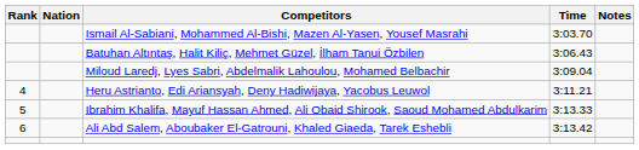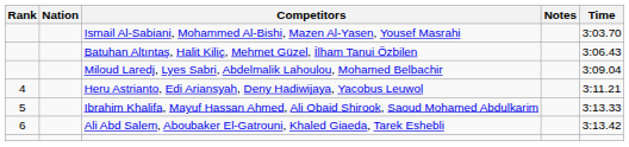 <table class="wikitable sortable" style="text-align:center; font-size:95%">
 <tr>
 <th>Rank</th>
 <th>Nation</th>
 <th>Competitors</th>
+<th>Notes</th>
 <th>Time</th>
-<th>Notes</th>
 </tr>
 <tr>
 <td></td>
 <td align=left></td>
 <td align=left><a href='#'>Ismail Al-Sabiani</a>, <a href='#'>Mohammed Al-Bishi</a>, <a href='#'>Mazen Al-Yasen</a>, <a href='#'>Yousef Masrahi</a></td>
+<td></td>
 <td>3:03.70</td>
-<td></td>
 </tr>
 <tr>
 <td></td>
 <td align=left></td>
 <td align=left><a href='#'>Batuhan Altıntaş</a>, <a href='#'>Halit Kiliç</a>, <a href='#'>Mehmet Güzel</a>, <a href='#'>İlham Tanui Özbilen</a></td>
+<td></td>
 <td>3:06.43</td>
-<td></td>
 </tr>
 <tr>
 <td></td>
 <td align=left></td>
 <td align=left><a href='#'>Miloud Laredj</a>, <a href='#'>Lyes Sabri</a>, <a href='#'>Abdelmalik Lahoulou</a>, <a href='#'>Mohamed Belbachir</a></td>
+<td></td>
 <td>3:09.04</td>
-<td></td>
 </tr>
 <tr>
 <td>4</td>
 <td align=left></td>
 <td align=left><a href='#'>Heru Astrianto</a>, <a href='#'>Edi Ariansyah</a>, <a href='#'>Deny Hadiwijaya</a>, <a href='#'>Yacobus Leuwol</a></td>
+<td></td>
 <td>3:11.21</td>
-<td></td>
 </tr>
 <tr>
 <td>5</td>
 <td align=left></td>
 <td align=left><a href='#'>Ibrahim Khalifa</a>, <a href='#'>Mayuf Hassan Ahmed</a>, <a href='#'>Ali Obaid Shirook</a>, <a href='#'>Saoud Mohamed Abdulkarim</a></td>
+<td></td>
 <td>3:13.33</td>
-<td></td>
 </tr>
 <tr>
 <td>6</td>
 <td align=left></td>
 <td align=left><a href='#'>Ali Abd Salem</a>, <a href='#'>Aboubaker El-Gatrouni</a>, <a href='#'>Khaled Giaeda</a>, <a href='#'>Tarek Eshebli</a></td>
+<td></td>
 <td>3:13.42</td>
-<td></td>
 </tr>
 <tr>
 <td></td>
 <td align=left></td>
 <td align=left></td>
 <td></td>
 <td></td>
 </tr>
 </table>
